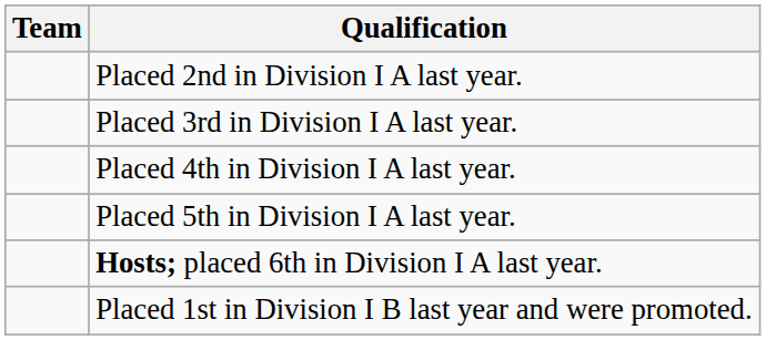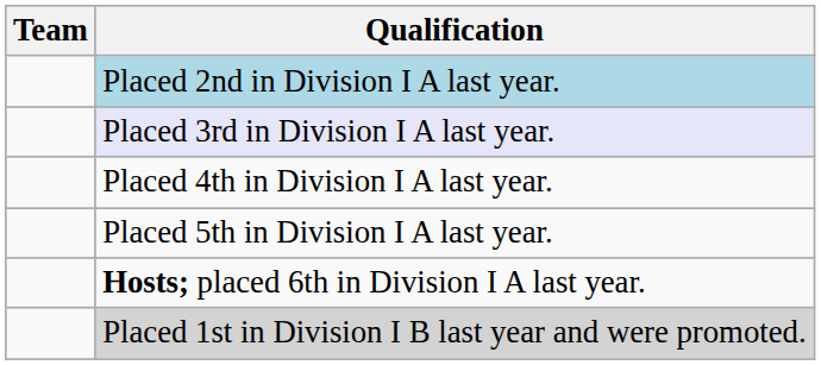 <table class="wikitable">
 <tr>
 <th>Team</th>
 <th>Qualification</th>
 </tr>
 <tr>
 <td></td>
-<td>Placed 2nd in Division I A last year.</td>
+<td style="background: lightblue;">Placed 2nd in Division I A last year.</td>
 </tr>
 <tr>
 <td></td>
-<td>Placed 3rd in Division I A last year.</td>
+<td style="background: lavender;">Placed 3rd in Division I A last year.</td>
 </tr>
 <tr>
 <td></td>
 <td>Placed 4th in Division I A last year.</td>
 </tr>
 <tr>
 <td></td>
 <td>Placed 5th in Division I A last year.</td>
 </tr>
 <tr>
 <td></td>
 <td><strong>Hosts;</strong> placed 6th in Division I A last year.</td>
 </tr>
 <tr>
 <td></td>
-<td>Placed 1st in Division I B last year and were promoted.</td>
+<td style="background: lightgrey;">Placed 1st in Division I B last year and were promoted.</td>
 </tr>
 </table>
